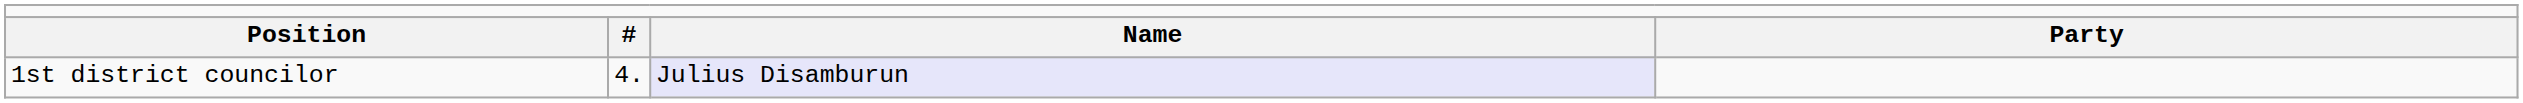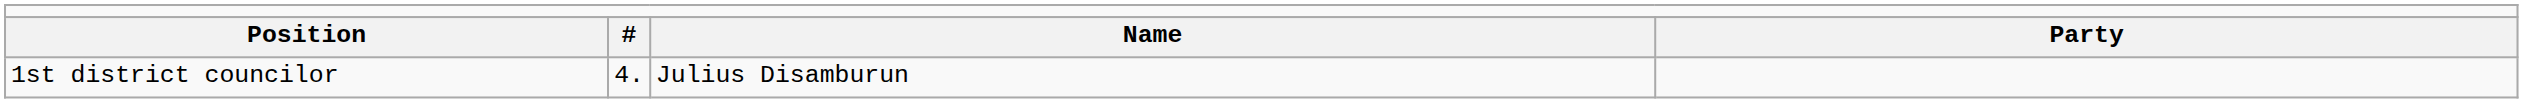 <table class=wikitable style="font-size:95%" width=99%>
 <tr>
 <td colspan="5"></td>
 </tr>
 <tr>
 <th width=24%>Position</th>
 <th width=1%>#</th>
 <th width=40%>Name</th>
 <th colspan=2>Party</th>
 </tr>
 <tr>
 <td>1st district councilor</td>
 <td>4.</td>
-<td style="background: lavender;">Julius Disamburun</td>
+<td>Julius Disamburun</td>
 <td></td>
 </tr>
 </table>
